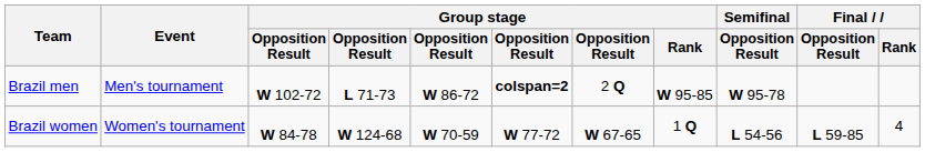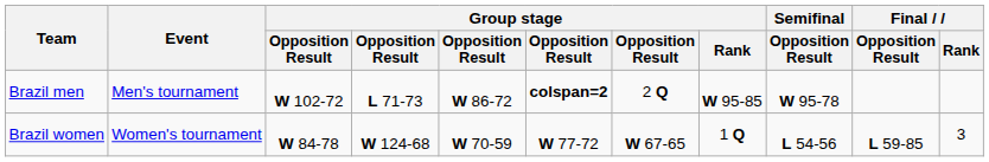 <table class=wikitable style=font-size:90%;text-align:center>
 <tr>
 <th rowspan=2>Team</th>
 <th rowspan=2>Event</th>
 <th colspan=6>Group stage</th>
 <th>Semifinal</th>
 <th colspan=2>Final /  / </th>
 </tr>
 <tr style=font-size:95%>
 <th>Opposition<br>Result</th>
 <th>Opposition<br>Result</th>
 <th>Opposition<br>Result</th>
 <th>Opposition<br>Result</th>
 <th>Opposition<br>Result</th>
 <th>Rank</th>
 <th>Opposition<br>Result</th>
 <th>Opposition<br>Result</th>
 <th>Rank</th>
 </tr>
 <tr>
 <td align=left><a href='#'>Brazil men</a></td>
 <td align=left><a href='#'>Men's tournament</a></td>
 <td><br><strong>W</strong> 102-72</td>
 <td><br><strong>L</strong> 71-73</td>
 <td><br><strong>W</strong> 86-72</td>
 <td><strong>colspan=2 </strong></td>
 <td>2 <strong>Q</strong></td>
 <td><br><strong>W</strong> 95-85</td>
 <td><br><strong>W</strong> 95-78</td>
 <td></td>
 </tr>
 <tr>
 <td align=left><a href='#'>Brazil women</a></td>
 <td align=left><a href='#'>Women's tournament</a></td>
 <td><br><strong>W</strong> 84-78</td>
 <td><br><strong>W</strong> 124-68</td>
 <td><br><strong>W</strong> 70-59</td>
 <td><br><strong>W</strong> 77-72</td>
 <td><br><strong>W</strong> 67-65</td>
 <td>1 <strong>Q</strong></td>
 <td><br><strong>L</strong> 54-56</td>
 <td><br><strong>L</strong> 59-85</td>
-<td>4</td>
+<td>3</td>
 </tr>
 </table>
